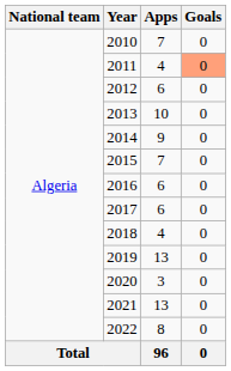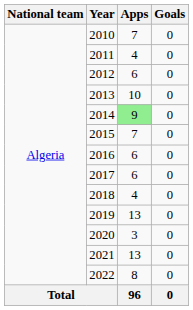 <table class="wikitable" style="text-align:center">
 <tr>
 <th>National team</th>
 <th>Year</th>
 <th>Apps</th>
 <th>Goals</th>
 </tr>
 <tr>
 <td rowspan="13"><a href='#'>Algeria</a></td>
 <td>2010</td>
 <td>7</td>
 <td>0</td>
 </tr>
 <tr>
 <td>2011</td>
 <td>4</td>
-<td style="background: lightsalmon;">0</td>
+<td>0</td>
 </tr>
 <tr>
 <td>2012</td>
 <td>6</td>
 <td>0</td>
 </tr>
 <tr>
 <td>2013</td>
 <td>10</td>
 <td>0</td>
 </tr>
 <tr>
 <td>2014</td>
-<td>9</td>
+<td style="background: lightgreen;">9</td>
 <td>0</td>
 </tr>
 <tr>
 <td>2015</td>
 <td>7</td>
 <td>0</td>
 </tr>
 <tr>
 <td>2016</td>
 <td>6</td>
 <td>0</td>
 </tr>
 <tr>
 <td>2017</td>
 <td>6</td>
 <td>0</td>
 </tr>
 <tr>
 <td>2018</td>
 <td>4</td>
 <td>0</td>
 </tr>
 <tr>
 <td>2019</td>
 <td>13</td>
 <td>0</td>
 </tr>
 <tr>
 <td>2020</td>
 <td>3</td>
 <td>0</td>
 </tr>
 <tr>
 <td>2021</td>
 <td>13</td>
 <td>0</td>
 </tr>
 <tr>
 <td>2022</td>
 <td>8</td>
 <td>0</td>
 </tr>
 <tr>
 <th colspan="2">Total</th>
 <th>96</th>
 <th>0</th>
 </tr>
 </table>
